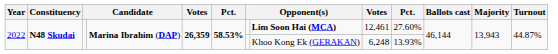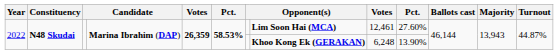 <table class="wikitable" style="margin:0.5em ; font-size:95%">
 <tr>
 <th>Year</th>
 <th>Constituency</th>
 <th colspan="2">Candidate</th>
 <th>Votes</th>
 <th>Pct.</th>
 <th colspan="2">Opponent(s)</th>
 <th>Votes</th>
 <th>Pct.</th>
 <th>Ballots cast</th>
 <th>Majority</th>
 <th>Turnout</th>
 </tr>
 <tr>
 <td rowspan="2"><a href='#'>2022</a></td>
 <td rowspan="2"><strong>N48 <a href='#'>Skudai</a></strong></td>
 <td rowspan="2" ></td>
 <td rowspan="2"><strong>Marina Ibrahim</strong> (<a href='#'><strong>DAP</strong></a>)</td>
 <td rowspan="2" align=right><strong>26,359</strong></td>
 <td rowspan="2"><strong>58.53%</strong></td>
 <td></td>
 <td><strong>Lim Soon Hai (<a href='#'>MCA</a>)</strong></td>
 <td align=right>12,461</td>
 <td>27.60%</td>
 <td rowspan="2">46,144</td>
 <td rowspan="2">13,943</td>
 <td rowspan="2">44.87%</td>
 </tr>
 <tr>
 <td bgcolor= ></td>
-<td>Khoo Kong Ek (<a href='#'>GERAKAN</a>)</td>
+<td><strong>Khoo Kong Ek (<a href='#'>GERAKAN</a>)</strong></td>
 <td align=right>6,248</td>
-<td>13.93%</td>
+<td>13.90%</td>
 </tr>
 </table>
